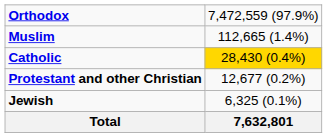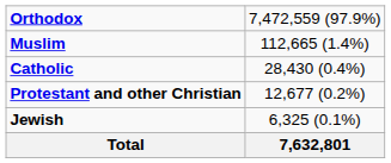 <table class="wikitable" style="float: right;">
 <tr>
 <td><strong><a href='#'>Orthodox</a></strong></td>
 <td style="text-align:center;">7,472,559 (97.9%)</td>
 </tr>
 <tr>
 <td><strong><a href='#'>Muslim</a></strong></td>
 <td style="text-align:center;">112,665 (1.4%)</td>
 </tr>
 <tr>
 <td><strong><a href='#'>Catholic</a></strong></td>
-<td style="background: gold; text-align:center;">28,430 (0.4%)</td>
+<td style="text-align:center;">28,430 (0.4%)</td>
 </tr>
 <tr>
 <td><strong><a href='#'>Protestant</a> and other Christian</strong></td>
 <td style="text-align:center;">12,677 (0.2%)</td>
 </tr>
 <tr>
 <td><strong>Jewish</strong></td>
 <td style="text-align:center;">6,325 (0.1%)</td>
 </tr>
 <tr>
 <th>Total</th>
 <th><strong>7,632,801</strong></th>
 </tr>
 </table>
